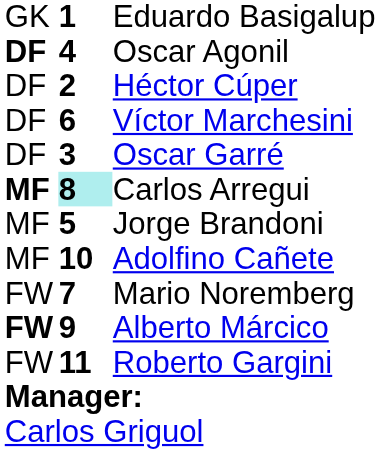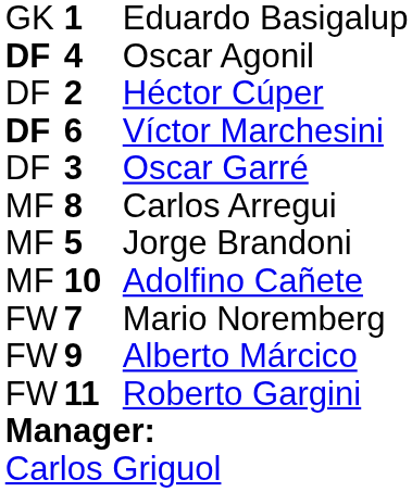 <table style="font-size:90%; margin:0.2em auto;" cellspacing="0" cellpadding="0">
 <tr>
 <th width="25"></th>
 <th width="25"></th>
 </tr>
 <tr>
 <td>GK</td>
 <td><strong>1</strong></td>
 <td> Eduardo Basigalup</td>
 </tr>
 <tr>
 <td><strong>DF</strong></td>
 <td><strong>4</strong></td>
 <td> Oscar Agonil</td>
 </tr>
 <tr>
 <td>DF</td>
 <td><strong>2</strong></td>
 <td> <a href='#'>Héctor Cúper</a></td>
 </tr>
 <tr>
-<td>DF</td>
+<td><strong>DF</strong></td>
 <td><strong>6</strong></td>
 <td> <a href='#'>Víctor Marchesini</a></td>
 </tr>
 <tr>
 <td>DF</td>
 <td><strong>3</strong></td>
 <td> <a href='#'>Oscar Garré</a></td>
 </tr>
 <tr>
-<td><strong>MF</strong></td>
-<td style="background: paleturquoise;"><strong>8</strong></td>
+<td>MF</td>
+<td><strong>8</strong></td>
 <td> Carlos Arregui</td>
 </tr>
 <tr>
 <td>MF</td>
 <td><strong>5</strong></td>
 <td> Jorge Brandoni</td>
 </tr>
 <tr>
 <td>MF</td>
 <td><strong>10</strong></td>
 <td> <a href='#'>Adolfino Cañete</a></td>
 </tr>
 <tr>
 <td>FW</td>
 <td><strong>7</strong></td>
 <td> Mario Noremberg</td>
 </tr>
 <tr>
-<td><strong>FW</strong></td>
+<td>FW</td>
 <td><strong>9</strong></td>
 <td> <a href='#'>Alberto Márcico</a></td>
 </tr>
 <tr>
 <td>FW</td>
 <td><strong>11</strong></td>
 <td> <a href='#'>Roberto Gargini</a></td>
 </tr>
 <tr>
 <td colspan=3><strong>Manager:</strong></td>
 </tr>
 <tr>
 <td colspan=4> <a href='#'>Carlos Griguol</a></td>
 </tr>
 </table>
